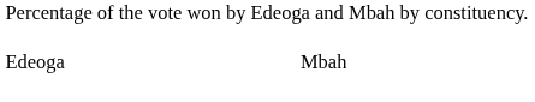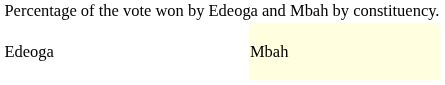 <table align=center>
 <tr>
 <td colspan=2>Percentage of the vote won by Edeoga and Mbah by constituency.</td>
 </tr>
 <tr>
 <td><br>Edeoga<br>  <br> </td>
-<td><br>Mbah<br>  <br> </td>
+<td style="background: lightyellow;"><br>Mbah<br>  <br> </td>
 </tr>
 </table>
